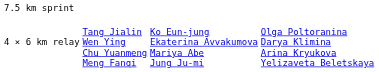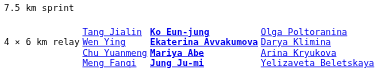 <table>
 <tr>
 <td>7.5 km sprint<br></td>
 <td></td>
 <td></td>
 <td></td>
 </tr>
 <tr>
 <td>4 × 6 km relay<br></td>
 <td><br><a href='#'>Tang Jialin</a><br><a href='#'>Wen Ying</a><br><a href='#'>Chu Yuanmeng</a><br><a href='#'>Meng Fanqi</a></td>
-<td><br><a href='#'>Ko Eun-jung</a><br><a href='#'>Ekaterina Avvakumova</a><br><a href='#'>Mariya Abe</a><br><a href='#'>Jung Ju-mi</a></td>
+<td><strong><br><a href='#'>Ko Eun-jung</a><br><a href='#'>Ekaterina Avvakumova</a><br><a href='#'>Mariya Abe</a><br><a href='#'>Jung Ju-mi</a></strong></td>
 <td><br><a href='#'>Olga Poltoranina</a><br><a href='#'>Darya Klimina</a><br><a href='#'>Arina Kryukova</a><br><a href='#'>Yelizaveta Beletskaya</a></td>
 </tr>
 </table>
